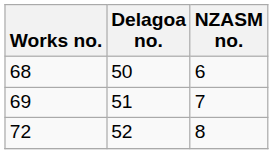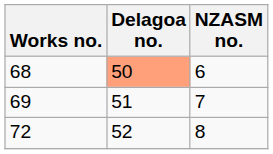 <table class="wikitable collapsible collapsed sortable" style="margin:0.5em auto; font-size:100%;">
 <tr>
 <th><br>Works no.</th>
 <th>Delagoa<br>no.</th>
 <th>NZASM<br>no.</th>
 </tr>
 <tr>
 <td>68</td>
-<td>50</td>
+<td style="background: lightsalmon;">50</td>
 <td>6</td>
 </tr>
 <tr>
 <td>69</td>
 <td>51</td>
 <td>7</td>
 </tr>
 <tr>
 <td>72</td>
 <td>52</td>
 <td>8</td>
 </tr>
 <tr>
 </tr>
 </table>
